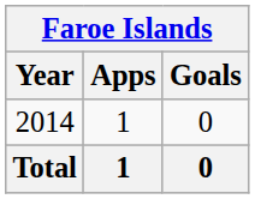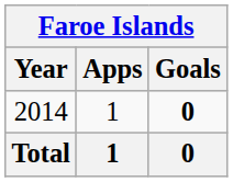 <table class="wikitable" style="text-align:center">
 <tr>
 <th colspan=3><a href='#'>Faroe Islands</a></th>
 </tr>
 <tr>
 <th>Year</th>
 <th>Apps</th>
 <th>Goals</th>
 </tr>
 <tr>
 <td>2014</td>
 <td>1</td>
-<td>0</td>
+<td><strong>0</strong></td>
 </tr>
 <tr>
 <th>Total</th>
 <th>1</th>
 <th>0</th>
 </tr>
 </table>
